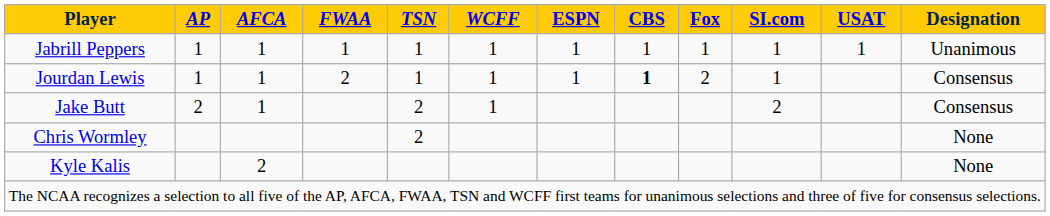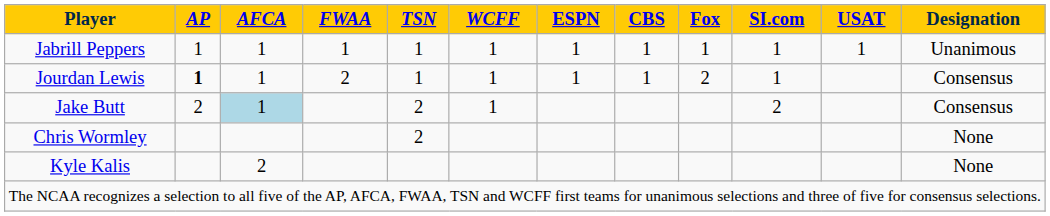 <table class="wikitable" style="text-align: center">
 <tr>
 <th style="background: #FFCB05; color: #00274C"><span>Player</span></th>
 <th style="background: #FFCB05; color: #00274C"><a href='#'><span><em>AP</em></span></a></th>
 <th style="background: #FFCB05; color: #00274C"><a href='#'><span><em>AFCA</em></span></a></th>
 <th style="background: #FFCB05; color: #00274C"><a href='#'><span><em>FWAA</em></span></a></th>
 <th style="background: #FFCB05; color: #00274C"><a href='#'><span><em>TSN</em></span></a></th>
 <th style="background: #FFCB05; color: #00274C"><a href='#'><span><em>WCFF</em></span></a></th>
 <th style="background: #FFCB05; color: #00274C"><a href='#'><span>ESPN</span></a></th>
 <th style="background: #FFCB05; color: #00274C"><a href='#'><span>CBS</span></a></th>
 <th style="background: #FFCB05; color: #00274C"><a href='#'><span>Fox</span></a></th>
 <th style="background: #FFCB05; color: #00274C"><a href='#'><span>SI.com</span></a></th>
 <th style="background: #FFCB05; color: #00274C"><a href='#'><span>USAT</span></a></th>
 <th style="background: #FFCB05; color: #00274C"><span>Designation</span></th>
 </tr>
 <tr align="center">
 <td><a href='#'>Jabrill Peppers</a></td>
 <td>1</td>
 <td>1</td>
 <td>1</td>
 <td>1</td>
 <td>1</td>
 <td>1</td>
 <td>1</td>
 <td>1</td>
 <td>1</td>
 <td>1</td>
 <td>Unanimous</td>
 </tr>
 <tr align="center">
 <td><a href='#'>Jourdan Lewis</a></td>
-<td>1</td>
+<td><strong>1</strong></td>
 <td>1</td>
 <td>2</td>
 <td>1</td>
 <td>1</td>
 <td>1</td>
-<td><strong>1</strong></td>
+<td>1</td>
 <td>2</td>
 <td>1</td>
 <td></td>
 <td>Consensus</td>
 </tr>
 <tr align="center">
 <td><a href='#'>Jake Butt</a></td>
 <td>2</td>
-<td>1</td>
+<td style="background: lightblue;">1</td>
 <td></td>
 <td>2</td>
 <td>1</td>
 <td></td>
 <td></td>
 <td></td>
 <td>2</td>
 <td></td>
 <td>Consensus</td>
 </tr>
 <tr align="center">
 <td><a href='#'>Chris Wormley</a></td>
 <td></td>
 <td></td>
 <td></td>
 <td>2</td>
 <td></td>
 <td></td>
 <td></td>
 <td></td>
 <td></td>
 <td></td>
 <td>None</td>
 </tr>
 <tr align="center">
 <td><a href='#'>Kyle Kalis</a></td>
 <td></td>
 <td>2</td>
 <td></td>
 <td></td>
 <td></td>
 <td></td>
 <td></td>
 <td></td>
 <td></td>
 <td></td>
 <td>None</td>
 </tr>
 <tr align="center">
 <td colspan=12><small>The NCAA recognizes a selection to all five of the AP, AFCA, FWAA, TSN and WCFF first teams for unanimous selections and three of five for consensus selections.</small></td>
 </tr>
 </table>
